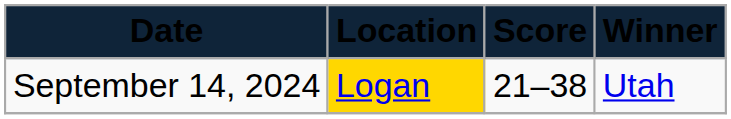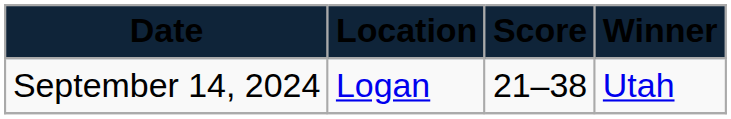 <table class="wikitable">
 <tr bgcolor=#0F2439 align=center>
 <td><span><strong>Date</strong></span></td>
 <td><span><strong>Location</strong></span></td>
 <td><span><strong>Score</strong></span></td>
 <td><span><strong>Winner</strong></span></td>
 </tr>
 <tr>
 <td>September 14, 2024</td>
-<td style="background: gold;"><a href='#'>Logan</a></td>
+<td><a href='#'>Logan</a></td>
 <td>21–38</td>
 <td><a href='#'>Utah</a></td>
 </tr>
 <tr>
 </tr>
 </table>
